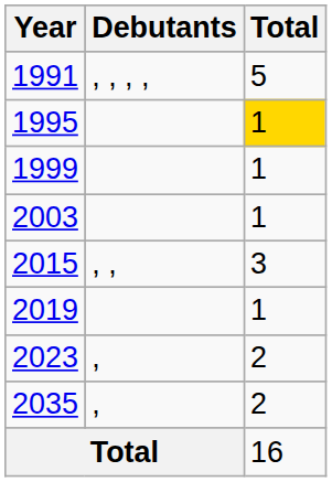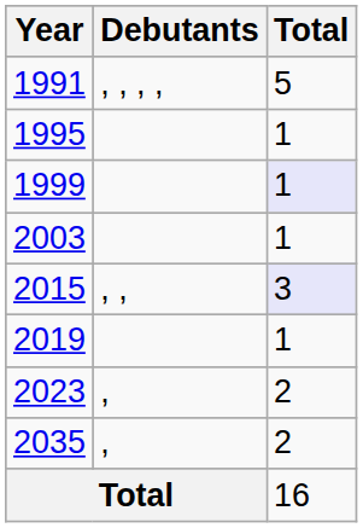 <table class="wikitable" style>
 <tr>
 <th>Year</th>
 <th>Debutants</th>
 <th>Total</th>
 </tr>
 <tr>
 <td><a href='#'>1991</a></td>
 <td>, , , , </td>
 <td>5</td>
 </tr>
 <tr>
 <td><a href='#'>1995</a></td>
 <td></td>
-<td style="background: gold;">1</td>
+<td>1</td>
 </tr>
 <tr>
 <td><a href='#'>1999</a></td>
 <td></td>
-<td>1</td>
+<td style="background: lavender;">1</td>
 </tr>
 <tr>
 <td><a href='#'>2003</a></td>
 <td></td>
 <td>1</td>
 </tr>
 <tr>
 <td><a href='#'>2015</a></td>
 <td>, , </td>
-<td>3</td>
+<td style="background: lavender;">3</td>
 </tr>
 <tr>
 <td><a href='#'>2019</a></td>
 <td></td>
 <td>1</td>
 </tr>
 <tr>
 <td><a href='#'>2023</a></td>
 <td>, </td>
 <td>2</td>
 </tr>
 <tr>
 <td><a href='#'>2035</a></td>
 <td>, </td>
 <td>2</td>
 </tr>
 <tr>
 <th colspan=2>Total</th>
 <td>16</td>
 </tr>
 </table>
